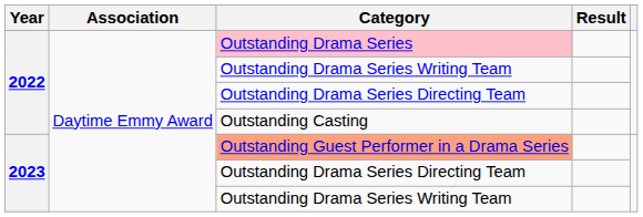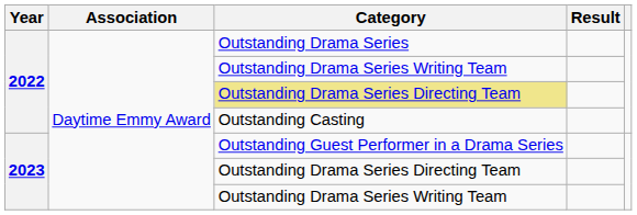 <table class="wikitable sortable plainrowheaders">
 <tr>
 <th scope="col">Year</th>
 <th scope="col">Association</th>
 <th scope="col">Category</th>
 <th scope="col">Result</th>
 <th scope="col" class="unsortable"></th>
 </tr>
 <tr>
 <th scope="row" rowspan="4" style="text-align:center;"><a href='#'>2022</a></th>
 <td rowspan="8"><a href='#'>Daytime Emmy Award</a></td>
-<td style="background: pink;"><a href='#'>Outstanding Drama Series</a></td>
+<td><a href='#'>Outstanding Drama Series</a></td>
 <td></td>
 <td rowspan=4 style="text-align: center;"></td>
 </tr>
 <tr>
 <td><a href='#'>Outstanding Drama Series Writing Team</a></td>
 <td></td>
 </tr>
 <tr>
-<td><a href='#'>Outstanding Drama Series Directing Team</a></td>
+<td style="background: khaki;"><a href='#'>Outstanding Drama Series Directing Team</a></td>
 <td></td>
 </tr>
 <tr>
 <td>Outstanding Casting</td>
 <td></td>
 </tr>
 <tr>
 <th scope="row" rowspan="4" style="text-align:center;"><a href='#'>2023</a></th>
-<td style="background: lightsalmon;"><a href='#'>Outstanding Guest Performer in a Drama Series</a><br></td>
+<td><a href='#'>Outstanding Guest Performer in a Drama Series</a><br></td>
 <td></td>
 <td rowspan=3></td>
 </tr>
 <tr>
 <td>Outstanding Drama Series Directing Team</td>
 <td></td>
 </tr>
 <tr>
 <td>Outstanding Drama Series Writing Team</td>
 <td></td>
 </tr>
 </table>
